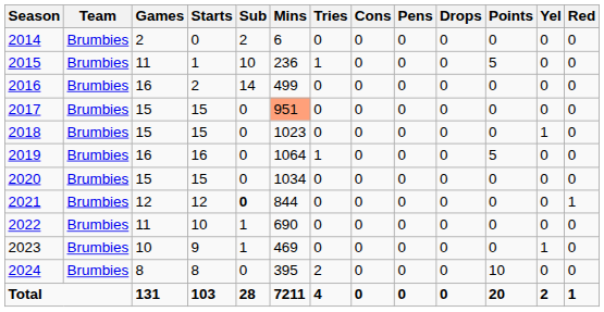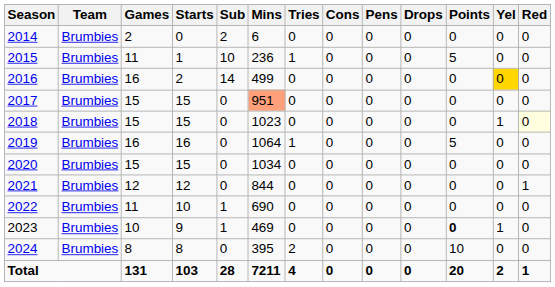 <table class="wikitable">
 <tr>
 <th>Season</th>
 <th>Team</th>
 <th>Games</th>
 <th>Starts</th>
 <th>Sub</th>
 <th>Mins</th>
 <th>Tries</th>
 <th>Cons</th>
 <th>Pens</th>
 <th>Drops</th>
 <th>Points</th>
 <th>Yel</th>
 <th>Red</th>
 </tr>
 <tr>
 <td><a href='#'>2014</a></td>
 <td><a href='#'>Brumbies</a></td>
 <td>2</td>
 <td>0</td>
 <td>2</td>
 <td>6</td>
 <td>0</td>
 <td>0</td>
 <td>0</td>
 <td>0</td>
 <td>0</td>
 <td>0</td>
 <td>0</td>
 </tr>
 <tr>
 <td><a href='#'>2015</a></td>
 <td><a href='#'>Brumbies</a></td>
 <td>11</td>
 <td>1</td>
 <td>10</td>
 <td>236</td>
 <td>1</td>
 <td>0</td>
 <td>0</td>
 <td>0</td>
 <td>5</td>
 <td>0</td>
 <td>0</td>
 </tr>
 <tr>
 <td><a href='#'>2016</a></td>
 <td><a href='#'>Brumbies</a></td>
 <td>16</td>
 <td>2</td>
 <td>14</td>
 <td>499</td>
 <td>0</td>
 <td>0</td>
 <td>0</td>
 <td>0</td>
 <td>0</td>
-<td>0</td>
+<td style="background: gold;">0</td>
 <td>0</td>
 </tr>
 <tr>
 <td><a href='#'>2017</a></td>
 <td><a href='#'>Brumbies</a></td>
 <td>15</td>
 <td>15</td>
 <td>0</td>
 <td style="background: lightsalmon;">951</td>
 <td>0</td>
 <td>0</td>
 <td>0</td>
 <td>0</td>
 <td>0</td>
 <td>0</td>
 <td>0</td>
 </tr>
 <tr>
 <td><a href='#'>2018</a></td>
 <td><a href='#'>Brumbies</a></td>
 <td>15</td>
 <td>15</td>
 <td>0</td>
 <td>1023</td>
 <td>0</td>
 <td>0</td>
 <td>0</td>
 <td>0</td>
 <td>0</td>
 <td>1</td>
-<td>0</td>
+<td style="background: lightyellow;">0</td>
 </tr>
 <tr>
 <td><a href='#'>2019</a></td>
 <td><a href='#'>Brumbies</a></td>
 <td>16</td>
 <td>16</td>
 <td>0</td>
 <td>1064</td>
 <td>1</td>
 <td>0</td>
 <td>0</td>
 <td>0</td>
 <td>5</td>
 <td>0</td>
 <td>0</td>
 </tr>
 <tr>
 <td><a href='#'>2020</a></td>
 <td><a href='#'>Brumbies</a></td>
 <td>15</td>
 <td>15</td>
 <td>0</td>
 <td>1034</td>
 <td>0</td>
 <td>0</td>
 <td>0</td>
 <td>0</td>
 <td>0</td>
 <td>0</td>
 <td>0</td>
 </tr>
 <tr>
 <td><a href='#'>2021</a></td>
 <td><a href='#'>Brumbies</a></td>
 <td>12</td>
 <td>12</td>
-<td><strong>0</strong></td>
+<td>0</td>
 <td>844</td>
 <td>0</td>
 <td>0</td>
 <td>0</td>
 <td>0</td>
 <td>0</td>
 <td>0</td>
 <td>1</td>
 </tr>
 <tr>
 <td><a href='#'>2022</a></td>
 <td><a href='#'>Brumbies</a></td>
 <td>11</td>
 <td>10</td>
 <td>1</td>
 <td>690</td>
 <td>0</td>
 <td>0</td>
 <td>0</td>
 <td>0</td>
 <td>0</td>
 <td>0</td>
 <td>0</td>
 </tr>
 <tr>
 <td>2023</td>
 <td><a href='#'>Brumbies</a></td>
 <td>10</td>
 <td>9</td>
 <td>1</td>
 <td>469</td>
 <td>0</td>
 <td>0</td>
 <td>0</td>
 <td>0</td>
-<td>0</td>
+<td><strong>0</strong></td>
 <td>1</td>
 <td>0</td>
 </tr>
 <tr>
 <td><a href='#'>2024</a></td>
 <td><a href='#'>Brumbies</a></td>
 <td>8</td>
 <td>8</td>
 <td>0</td>
 <td>395</td>
 <td>2</td>
 <td>0</td>
 <td>0</td>
 <td>0</td>
 <td>10</td>
 <td>0</td>
 <td>0</td>
 </tr>
 <tr>
 <td colspan="2" rowspan="1"><strong>Total</strong></td>
 <td><strong>131</strong></td>
 <td><strong>103</strong></td>
 <td><strong>28</strong></td>
 <td><strong>7211</strong></td>
 <td><strong>4</strong></td>
 <td><strong>0</strong></td>
 <td><strong>0</strong></td>
 <td><strong>0</strong></td>
 <td><strong>20</strong></td>
 <td><strong>2</strong></td>
 <td><strong>1</strong></td>
 </tr>
 </table>
